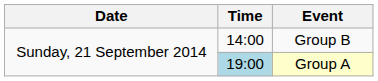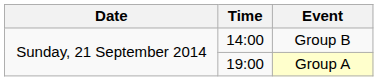 <table class = "wikitable" style="text-align:center;">
 <tr>
 <th width=220>Date</th>
 <th width=50>Time</th>
 <th width=100>Event</th>
 </tr>
 <tr>
 <td rowspan=2>Sunday, 21 September 2014</td>
 <td>14:00</td>
 <td>Group B</td>
 </tr>
 <tr>
-<td style="background: lightblue;">19:00</td>
+<td>19:00</td>
 <td bgcolor=ffffcc>Group A</td>
 </tr>
 </table>
